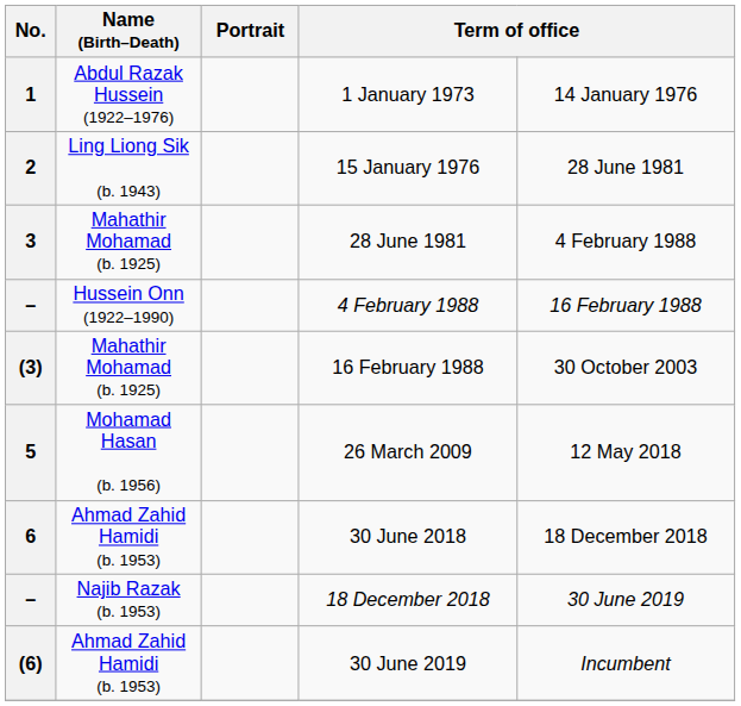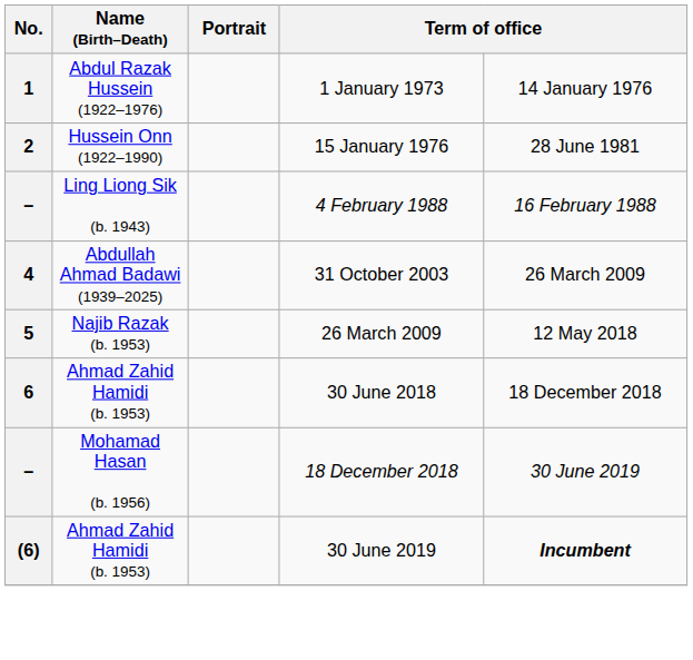 <table class="wikitable" style="text-align:center">
 <tr>
 <th>No.</th>
 <th width=20%>Name<br><small>(Birth–Death)</small></th>
 <th>Portrait</th>
 <th colspan="2">Term of office</th>
 </tr>
 <tr>
 <th style="background: ">1</th>
 <td><a href='#'>Abdul Razak Hussein</a><br><small>(1922–1976)</small></td>
 <td></td>
 <td>1 January 1973</td>
 <td>14 January 1976</td>
 </tr>
 <tr>
 <th style="background: ">2</th>
-<td><a href='#'>Ling Liong Sik</a> <br>  <br><small>(b. 1943)</small></td>
+<td><a href='#'>Hussein Onn</a><br><small>(1922–1990)</small></td>
 <td></td>
 <td>15 January 1976</td>
 <td>28 June 1981</td>
 </tr>
 <tr>
-<th style="background: ">3</th>
-<td><a href='#'>Mahathir Mohamad</a><br><small>(b. 1925)</small></td>
-<td></td>
-<td>28 June 1981</td>
-<td>4 February 1988</td>
-</tr>
-<tr>
 <th style="background: ">–</th>
-<td><a href='#'>Hussein Onn</a><br><small>(1922–1990)</small></td>
+<td><a href='#'>Ling Liong Sik</a> <br>  <br><small>(b. 1943)</small></td>
 <td></td>
 <td><em>4 February 1988</em></td>
 <td><em>16 February 1988</em></td>
 </tr>
 <tr>
-<th style="background: ">(3)</th>
-<td><a href='#'>Mahathir Mohamad</a><br><small>(b. 1925)</small></td>
+<th style="background: ">4</th>
+<td><a href='#'>Abdullah Ahmad Badawi</a><br><small>(1939–2025)</small></td>
 <td></td>
-<td>16 February 1988</td>
-<td>30 October 2003</td>
+<td>31 October 2003</td>
+<td>26 March 2009</td>
 </tr>
 <tr>
 <th style="background: ">5</th>
-<td><a href='#'>Mohamad Hasan</a> <br>  <br><small>(b. 1956)</small></td>
+<td><a href='#'>Najib Razak</a><br><small>(b. 1953)</small></td>
 <td></td>
 <td>26 March 2009</td>
 <td>12 May 2018</td>
 </tr>
 <tr>
 <th style="background: ">6</th>
 <td><a href='#'>Ahmad Zahid Hamidi</a><br><small>(b. 1953)</small></td>
 <td></td>
 <td>30 June 2018</td>
 <td>18 December 2018</td>
 </tr>
 <tr>
 <th style="background: ">–</th>
-<td><a href='#'>Najib Razak</a><br><small>(b. 1953)</small></td>
+<td><a href='#'>Mohamad Hasan</a> <br>  <br><small>(b. 1956)</small></td>
 <td></td>
 <td><em>18 December 2018</em></td>
 <td><em>30 June 2019</em></td>
 </tr>
 <tr>
 <th style="background: ">(6)</th>
 <td><a href='#'>Ahmad Zahid Hamidi</a><br><small>(b. 1953)</small></td>
 <td></td>
 <td>30 June 2019</td>
-<td><em>Incumbent</em></td>
+<td><strong><em>Incumbent</em></strong></td>
 </tr>
 <tr>
 </tr>
 </table>
